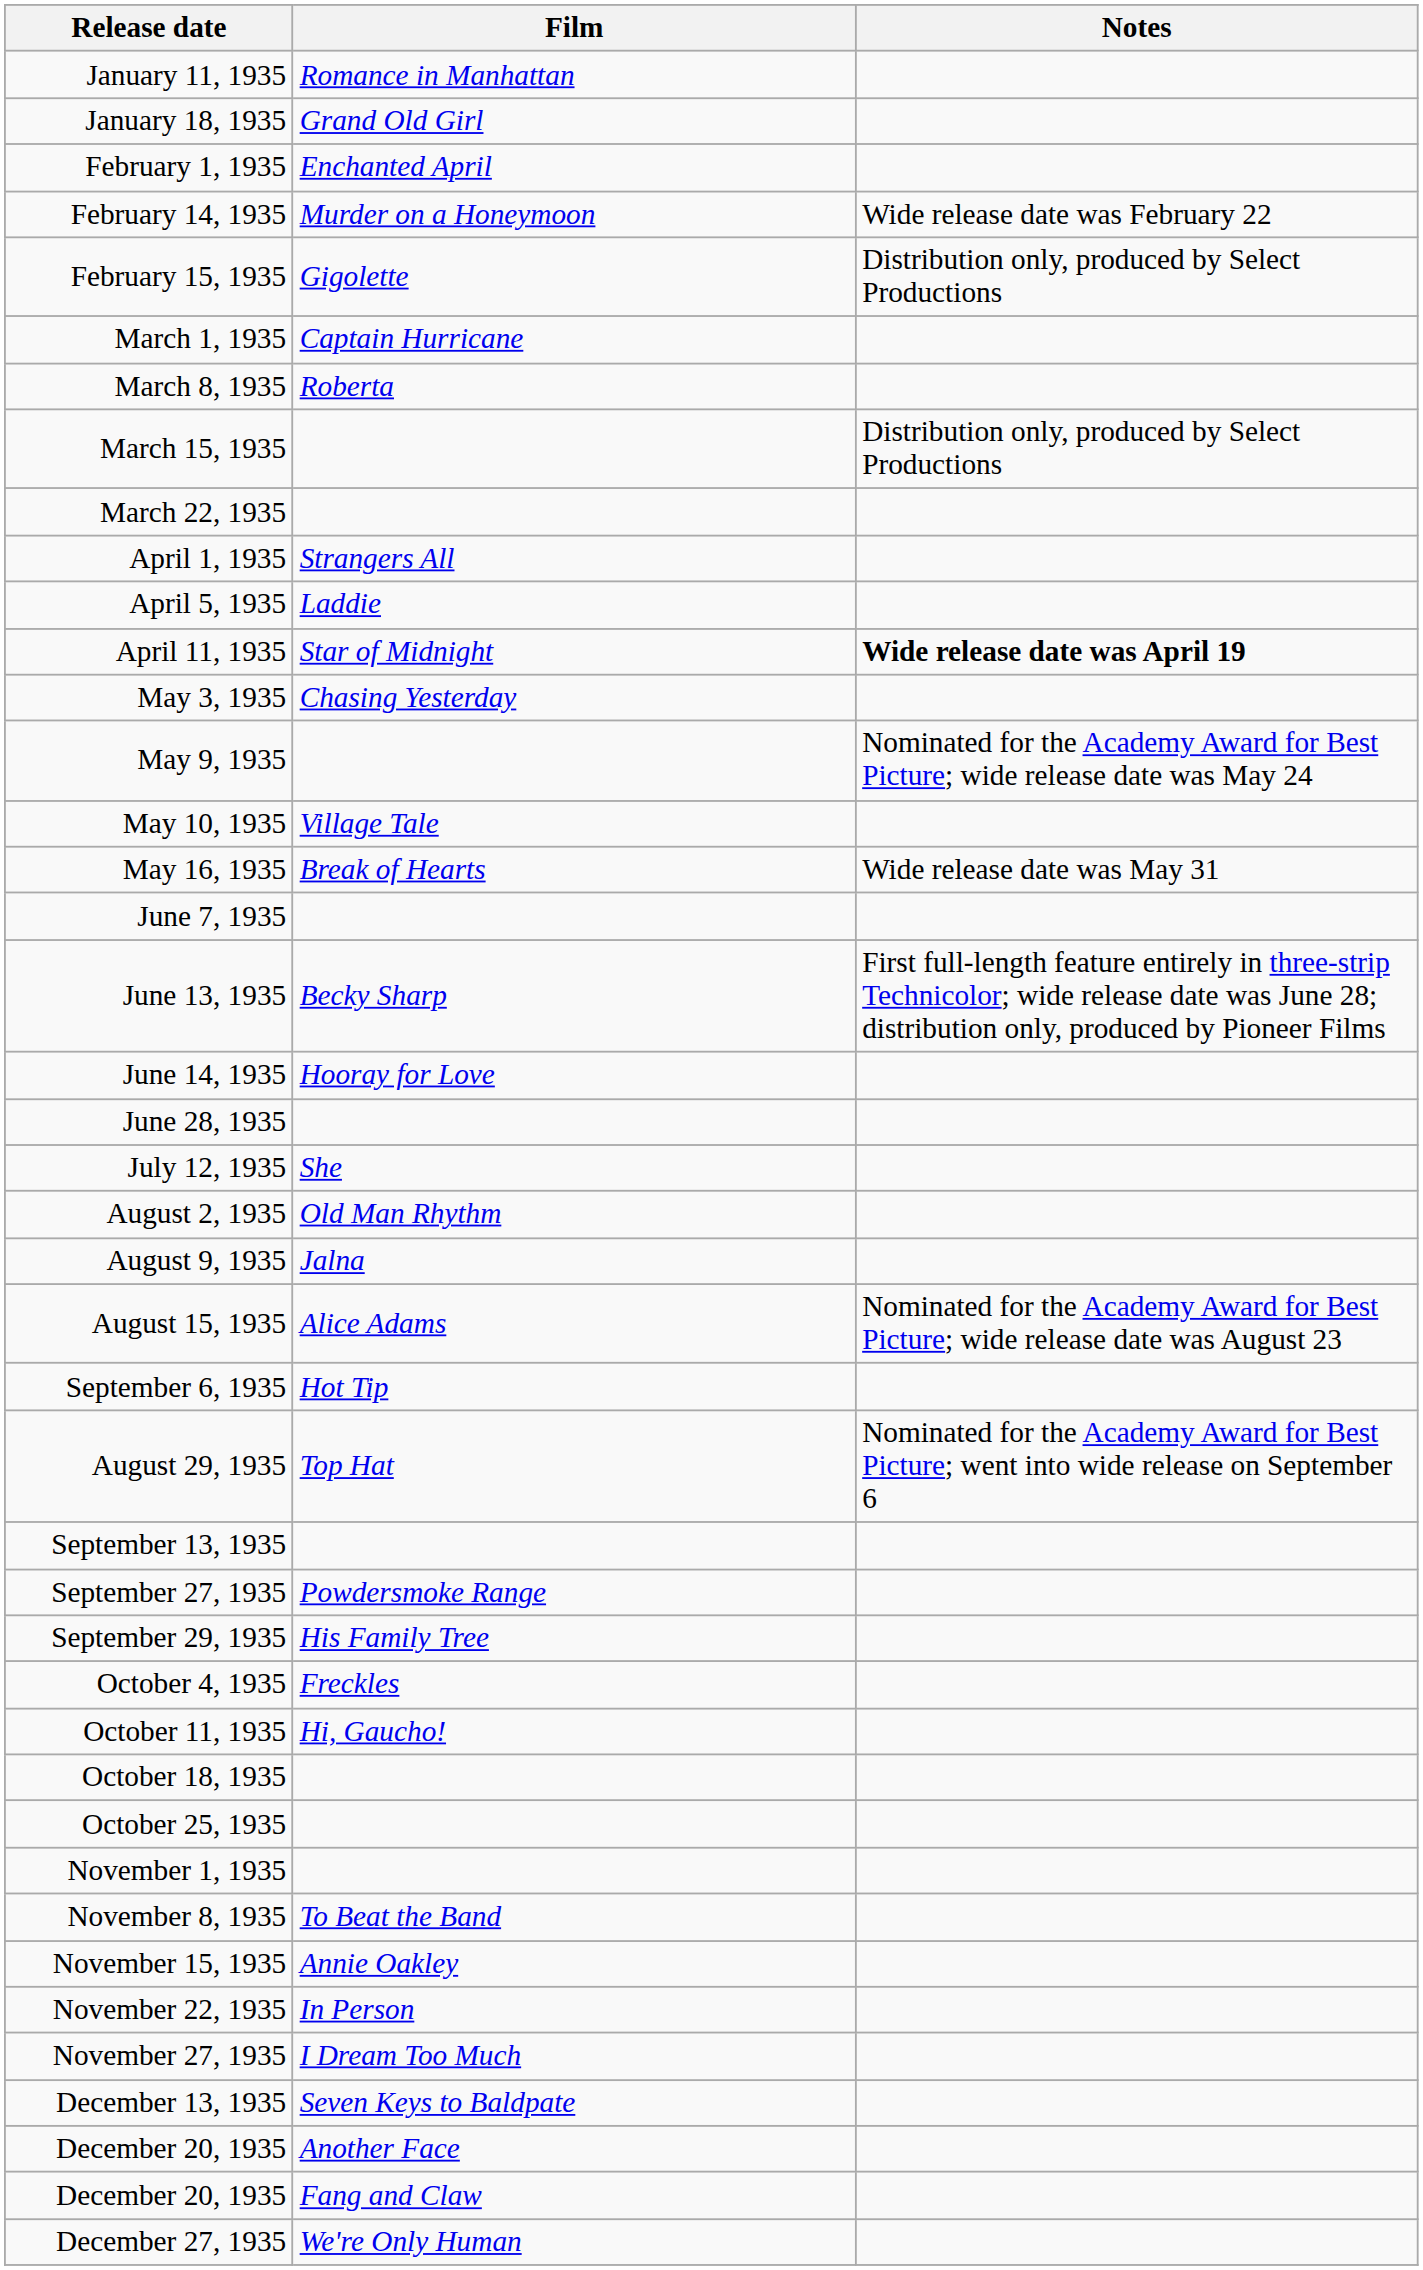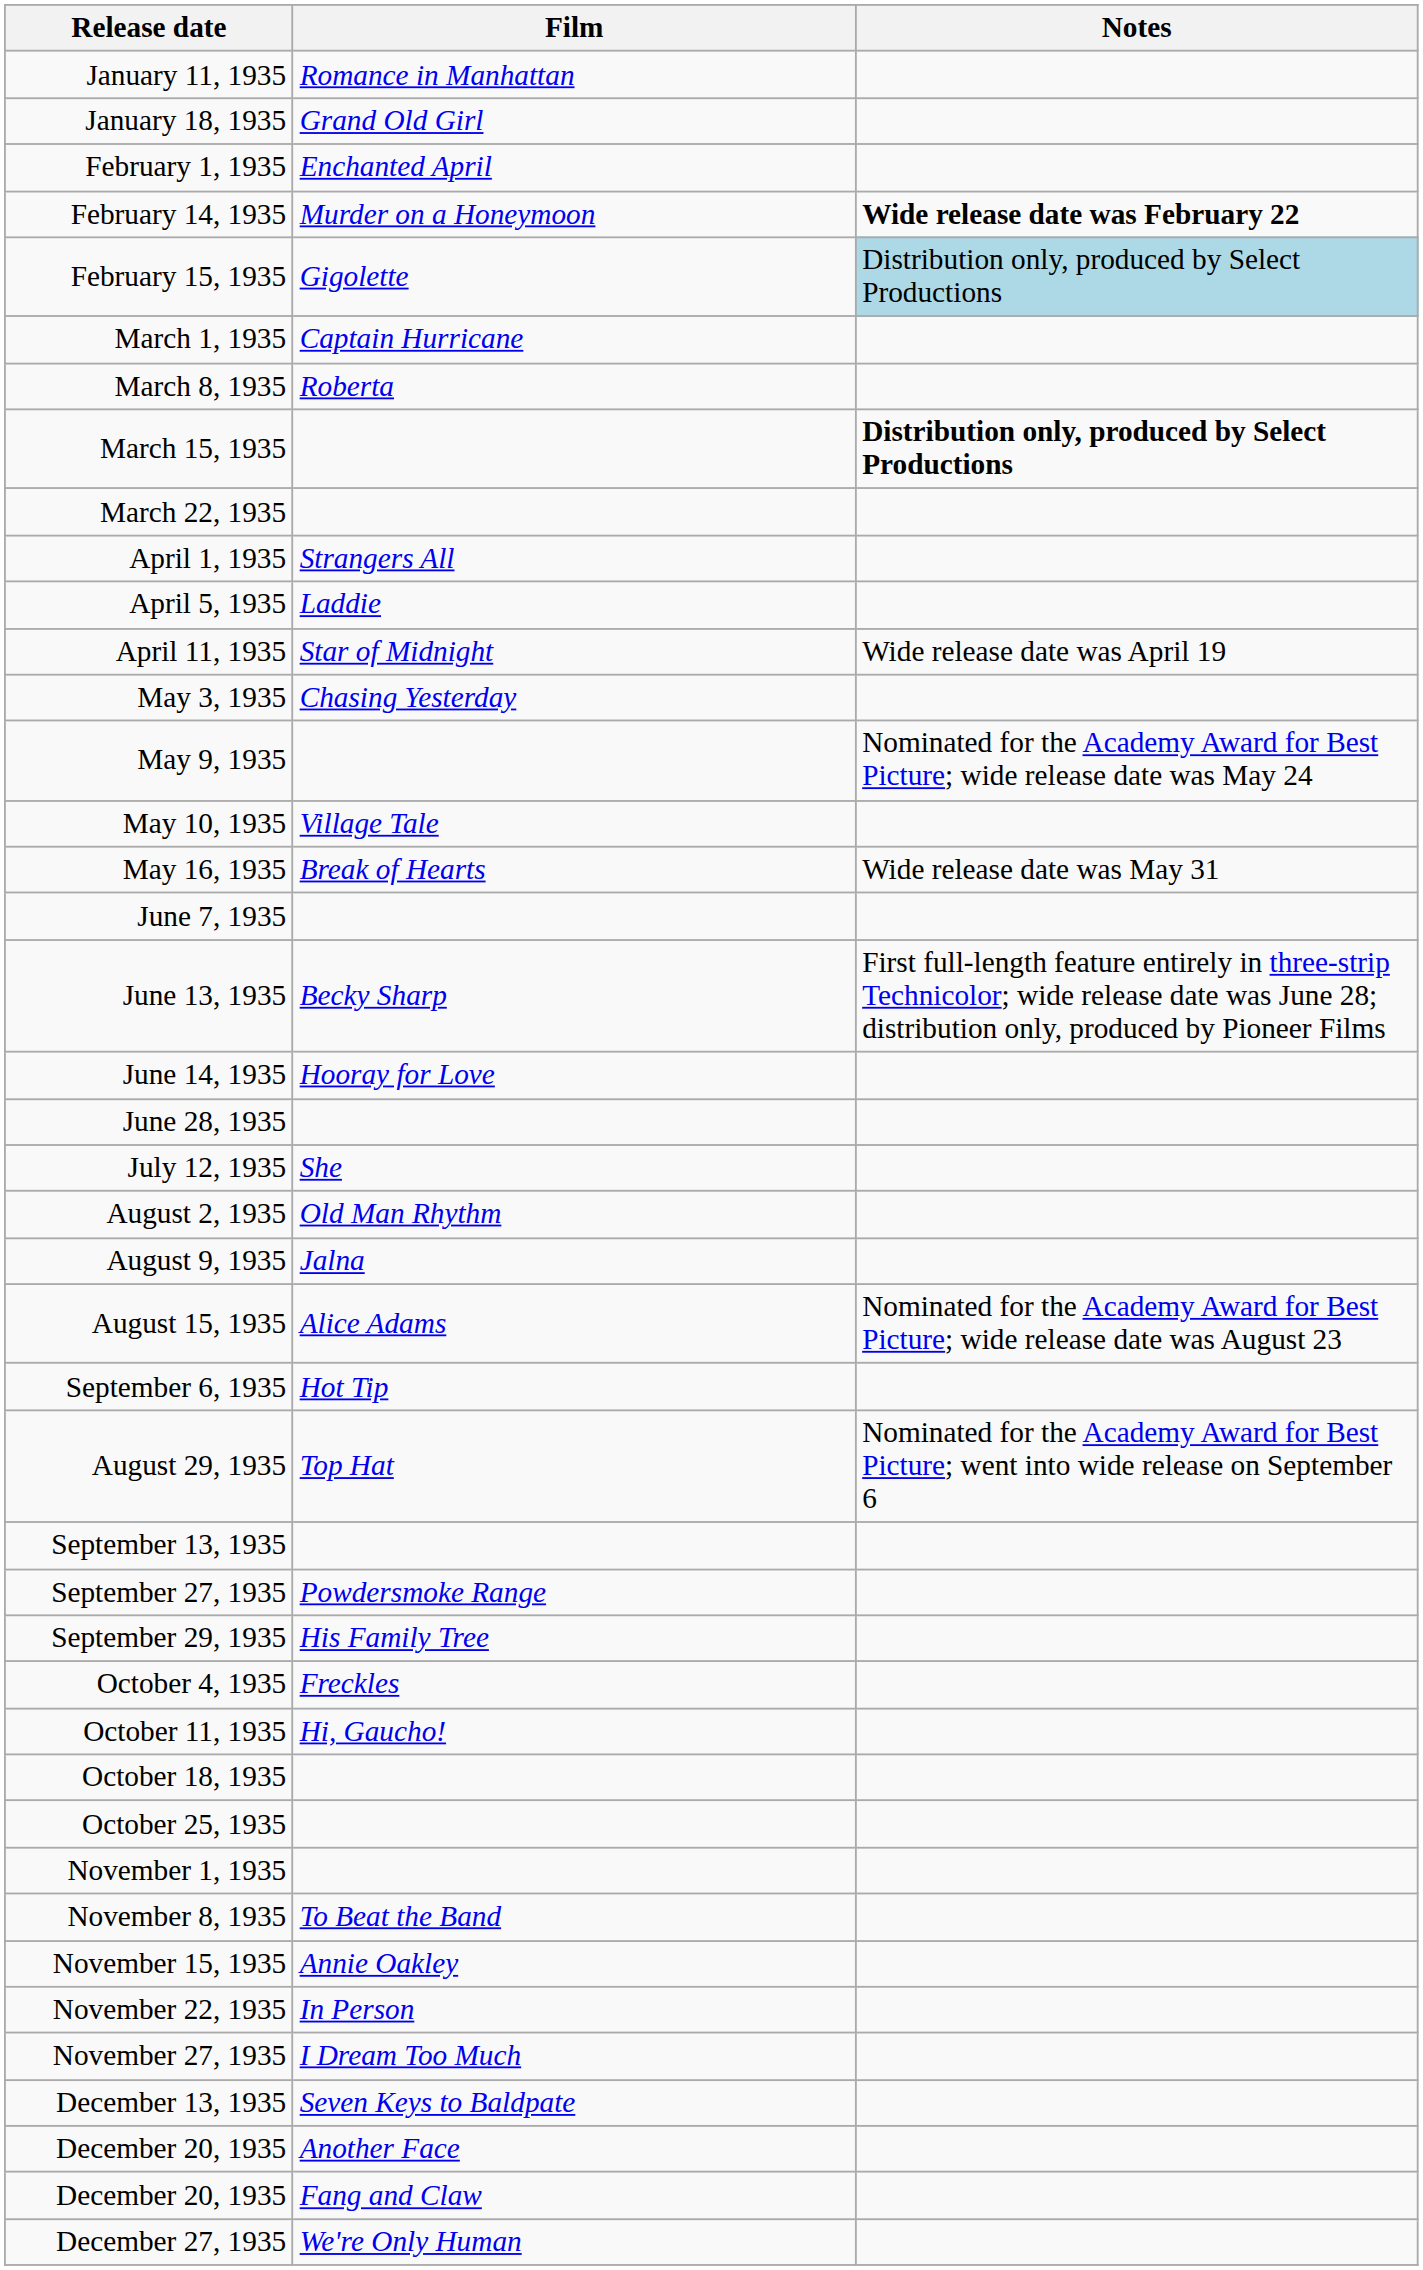 <table class="wikitable sortable plainrowheaders">
 <tr>
 <th scope="col" style="width:150px">Release date</th>
 <th scope="col" style="width:300px">Film</th>
 <th scope="col" style="width:300px" class="unsortable">Notes</th>
 </tr>
 <tr>
 <td style="text-align:right;">January 11, 1935</td>
 <td><em><a href='#'>Romance in Manhattan</a></em></td>
 <td></td>
 </tr>
 <tr>
 <td style="text-align:right;">January 18, 1935</td>
 <td><em><a href='#'>Grand Old Girl</a></em></td>
 <td></td>
 </tr>
 <tr>
 <td style="text-align:right;">February 1, 1935</td>
 <td><em><a href='#'>Enchanted April</a></em></td>
 <td></td>
 </tr>
 <tr>
 <td style="text-align:right;">February 14, 1935</td>
 <td><em><a href='#'>Murder on a Honeymoon</a></em></td>
-<td>Wide release date was February 22</td>
+<td><strong>Wide release date was February 22</strong></td>
 </tr>
 <tr>
 <td style="text-align:right;">February 15, 1935</td>
 <td><em><a href='#'>Gigolette</a></em></td>
-<td>Distribution only, produced by Select Productions</td>
+<td style="background: lightblue;">Distribution only, produced by Select Productions</td>
 </tr>
 <tr>
 <td style="text-align:right;">March 1, 1935</td>
 <td><em><a href='#'>Captain Hurricane</a></em></td>
 <td></td>
 </tr>
 <tr>
 <td style="text-align:right;">March 8, 1935</td>
 <td><em><a href='#'>Roberta</a></em></td>
 <td></td>
 </tr>
 <tr>
 <td style="text-align:right;">March 15, 1935</td>
 <td><em></em></td>
-<td>Distribution only, produced by Select Productions</td>
+<td><strong>Distribution only, produced by Select Productions</strong></td>
 </tr>
 <tr>
 <td style="text-align:right;">March 22, 1935</td>
 <td><em></em></td>
 <td></td>
 </tr>
 <tr>
 <td style="text-align:right;">April 1, 1935</td>
 <td><em><a href='#'>Strangers All</a></em></td>
 <td></td>
 </tr>
 <tr>
 <td style="text-align:right;">April 5, 1935</td>
 <td><em><a href='#'>Laddie</a></em></td>
 <td></td>
 </tr>
 <tr>
 <td style="text-align:right;">April 11, 1935</td>
 <td><em><a href='#'>Star of Midnight</a></em></td>
-<td><strong>Wide release date was April 19</strong></td>
+<td>Wide release date was April 19</td>
 </tr>
 <tr>
 <td style="text-align:right;">May 3, 1935</td>
 <td><em><a href='#'>Chasing Yesterday</a></em></td>
 <td></td>
 </tr>
 <tr>
 <td style="text-align:right;">May 9, 1935</td>
 <td><em></em></td>
 <td>Nominated for the <a href='#'>Academy Award for Best Picture</a>; wide release date was May 24</td>
 </tr>
 <tr>
 <td style="text-align:right;">May 10, 1935</td>
 <td><em><a href='#'>Village Tale</a></em></td>
 <td></td>
 </tr>
 <tr>
 <td style="text-align:right;">May 16, 1935</td>
 <td><em><a href='#'>Break of Hearts</a></em></td>
 <td>Wide release date was May 31</td>
 </tr>
 <tr>
 <td style="text-align:right;">June 7, 1935</td>
 <td><em></em></td>
 <td></td>
 </tr>
 <tr>
 <td style="text-align:right;">June 13, 1935</td>
 <td><em><a href='#'>Becky Sharp</a></em></td>
 <td>First full-length feature entirely in <a href='#'>three-strip Technicolor</a>; wide release date was June 28; distribution only, produced by Pioneer Films</td>
 </tr>
 <tr>
 <td style="text-align:right;">June 14, 1935</td>
 <td><em><a href='#'>Hooray for Love</a></em></td>
 <td></td>
 </tr>
 <tr>
 <td style="text-align:right;">June 28, 1935</td>
 <td><em></em></td>
 <td></td>
 </tr>
 <tr>
 <td style="text-align:right;">July 12, 1935</td>
 <td><em><a href='#'>She</a></em></td>
 <td></td>
 </tr>
 <tr>
 <td style="text-align:right;">August 2, 1935</td>
 <td><em><a href='#'>Old Man Rhythm</a></em></td>
 <td></td>
 </tr>
 <tr>
 <td style="text-align:right;">August 9, 1935</td>
 <td><em><a href='#'>Jalna</a></em></td>
 <td></td>
 </tr>
 <tr>
 <td style="text-align:right;">August 15, 1935</td>
 <td><em><a href='#'>Alice Adams</a></em></td>
 <td>Nominated for the <a href='#'>Academy Award for Best Picture</a>; wide release date was August 23</td>
 </tr>
 <tr>
 <td style="text-align:right;">September 6, 1935</td>
 <td><em><a href='#'>Hot Tip</a></em></td>
 <td></td>
 </tr>
 <tr>
 <td style="text-align:right;">August 29, 1935</td>
 <td><em><a href='#'>Top Hat</a></em></td>
 <td>Nominated for the <a href='#'>Academy Award for Best Picture</a>; went into wide release on September 6</td>
 </tr>
 <tr>
 <td style="text-align:right;">September 13, 1935</td>
 <td><em></em></td>
 <td></td>
 </tr>
 <tr>
 <td style="text-align:right;">September 27, 1935</td>
 <td><em><a href='#'>Powdersmoke Range</a></em></td>
 <td></td>
 </tr>
 <tr>
 <td style="text-align:right;">September 29, 1935</td>
 <td><em><a href='#'>His Family Tree</a></em></td>
 <td></td>
 </tr>
 <tr>
 <td style="text-align:right;">October 4, 1935</td>
 <td><em><a href='#'>Freckles</a></em></td>
 <td></td>
 </tr>
 <tr>
 <td style="text-align:right;">October 11, 1935</td>
 <td><em><a href='#'>Hi, Gaucho!</a></em></td>
 <td></td>
 </tr>
 <tr>
 <td style="text-align:right;">October 18, 1935</td>
 <td><em></em></td>
 <td></td>
 </tr>
 <tr>
 <td style="text-align:right;">October 25, 1935</td>
 <td><em></em></td>
 <td></td>
 </tr>
 <tr>
 <td style="text-align:right;">November 1, 1935</td>
 <td><em></em></td>
 <td></td>
 </tr>
 <tr>
 <td style="text-align:right;">November 8, 1935</td>
 <td><em><a href='#'>To Beat the Band</a></em></td>
 <td></td>
 </tr>
 <tr>
 <td style="text-align:right;">November 15, 1935</td>
 <td><em><a href='#'>Annie Oakley</a></em></td>
 <td></td>
 </tr>
 <tr>
 <td style="text-align:right;">November 22, 1935</td>
 <td><em><a href='#'>In Person</a></em></td>
 <td></td>
 </tr>
 <tr>
 <td style="text-align:right;">November 27, 1935</td>
 <td><em><a href='#'>I Dream Too Much</a></em></td>
 <td></td>
 </tr>
 <tr>
 <td style="text-align:right;">December 13, 1935</td>
 <td><em><a href='#'>Seven Keys to Baldpate</a></em></td>
 <td></td>
 </tr>
 <tr>
 <td style="text-align:right;">December 20, 1935</td>
 <td><em><a href='#'>Another Face</a></em></td>
 <td></td>
 </tr>
 <tr>
 <td style="text-align:right;">December 20, 1935</td>
 <td><em><a href='#'>Fang and Claw</a></em></td>
 <td></td>
 </tr>
 <tr>
 <td style="text-align:right;">December 27, 1935</td>
 <td><em><a href='#'>We're Only Human</a></em></td>
 <td></td>
 </tr>
 </table>
